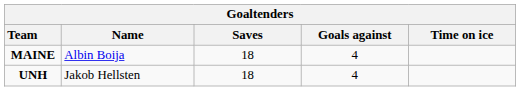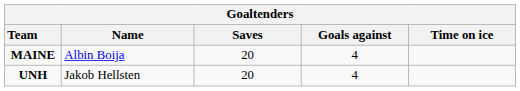 <table class="wikitable" style="width:40em; text-align:right;">
 <tr>
 <th colspan=5>Goaltenders</th>
 </tr>
 <tr>
 <th style="width:4em; text-align:left;">Team</th>
 <th style="width:10em;">Name</th>
 <th style="width:8em;">Saves</th>
 <th style="width:8em;">Goals against</th>
 <th style="width:8em;">Time on ice</th>
 </tr>
 <tr>
 <td align=center><strong>MAINE</strong></td>
 <td style="text-align:left;"><a href='#'>Albin Boija</a></td>
-<td align=center>18</td>
+<td align=center>20</td>
 <td align=center>4</td>
 <td align=center></td>
 </tr>
 <tr>
 <td align=center><strong>UNH</strong></td>
 <td style="text-align:left;">Jakob Hellsten</td>
-<td align=center>18</td>
+<td align=center>20</td>
 <td align=center>4</td>
 <td align=center></td>
 </tr>
 </table>
